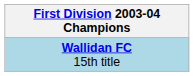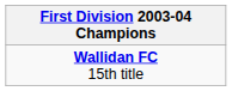 <table class="wikitable" style="margin: 0 auto; width: 240px;">
 <tr>
 <th><a href='#'>First Division</a> 2003-04<br>Champions</th>
 </tr>
 <tr>
-<td align=center style="background: lightblue;"><strong><a href='#'>Wallidan FC</a></strong><br>15th title</td>
+<td align=center><strong><a href='#'>Wallidan FC</a></strong><br>15th title</td>
 </tr>
 </table>
